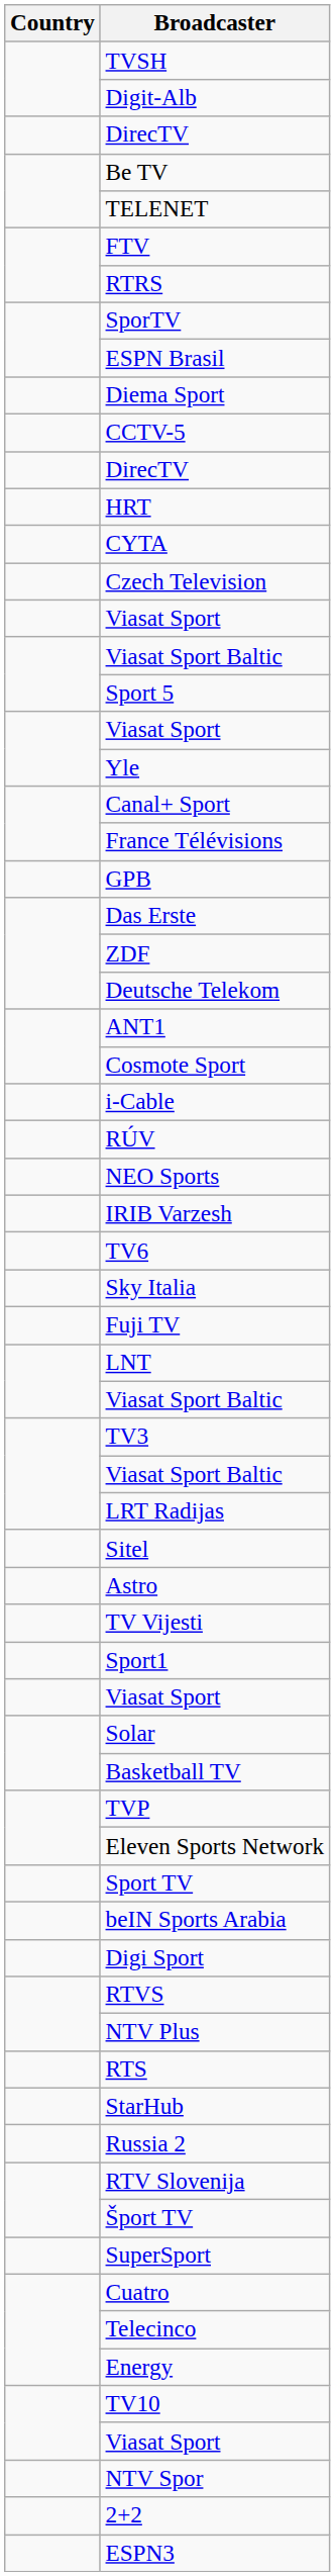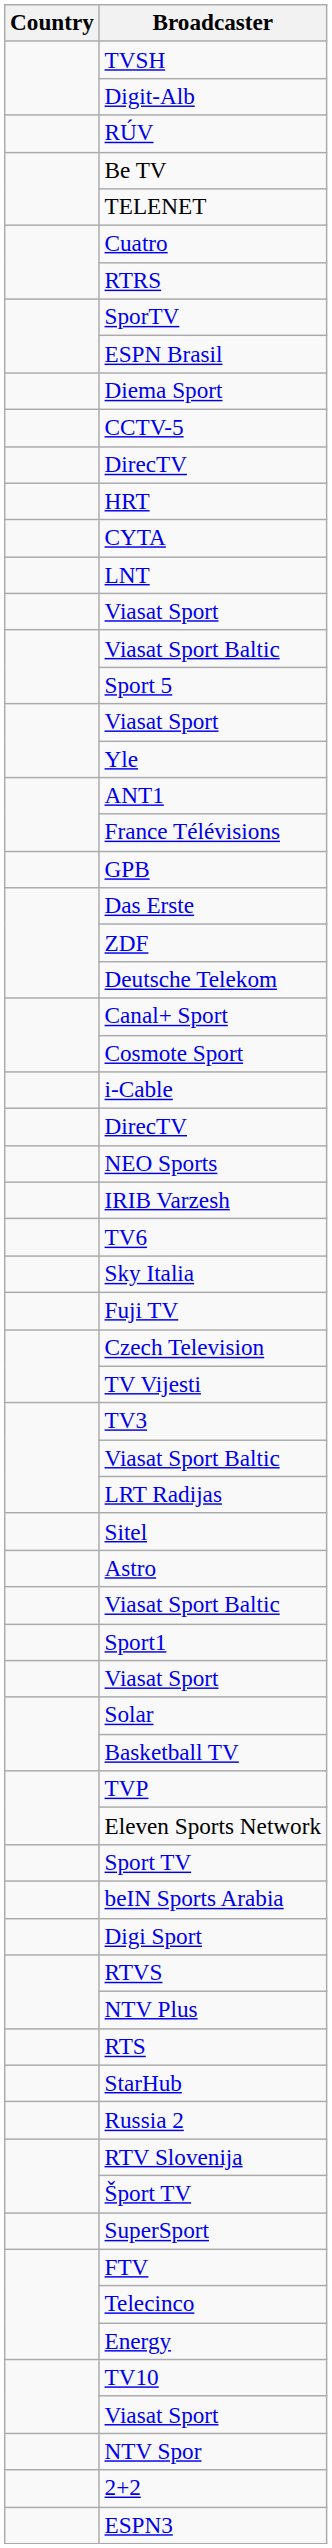 <table class="wikitable collapsible collapsed">
 <tr>
 <th align=center>Country</th>
 <th align=center>Broadcaster</th>
 </tr>
 <tr>
 <td style="text-align:left;" rowspan="2"></td>
 <td><a href='#'>TVSH</a></td>
 </tr>
 <tr>
 <td><a href='#'>Digit-Alb</a></td>
 </tr>
 <tr>
 <td align=left></td>
-<td><a href='#'>DirecTV</a></td>
+<td><a href='#'>RÚV</a></td>
 </tr>
 <tr>
 <td style="text-align:left;" rowspan="2"></td>
 <td>Be TV</td>
 </tr>
 <tr>
 <td>TELENET</td>
 </tr>
 <tr>
 <td style="text-align:left;" rowspan="2"></td>
-<td><a href='#'>FTV</a></td>
+<td><a href='#'>Cuatro</a></td>
 </tr>
 <tr>
 <td><a href='#'>RTRS</a></td>
 </tr>
 <tr>
 <td style="text-align:left;" rowspan="2"></td>
 <td><a href='#'>SporTV</a></td>
 </tr>
 <tr>
 <td><a href='#'>ESPN Brasil</a></td>
 </tr>
 <tr>
 <td align:left></td>
 <td><a href='#'>Diema Sport</a></td>
 </tr>
 <tr>
 <td align=left></td>
 <td><a href='#'>CCTV-5</a></td>
 </tr>
 <tr>
 <td align=left></td>
 <td><a href='#'>DirecTV</a></td>
 </tr>
 <tr>
 <td align=left></td>
 <td><a href='#'>HRT</a></td>
 </tr>
 <tr>
 <td align=left></td>
 <td><a href='#'>CYTA</a></td>
 </tr>
 <tr>
 <td align=left></td>
-<td><a href='#'>Czech Television</a></td>
+<td><a href='#'>LNT</a></td>
 </tr>
 <tr>
 <td align=left></td>
 <td><a href='#'>Viasat Sport</a></td>
 </tr>
 <tr>
 <td style="text-align:left;" rowspan="2"></td>
 <td><a href='#'>Viasat Sport Baltic</a></td>
 </tr>
 <tr>
 <td><a href='#'>Sport 5</a></td>
 </tr>
 <tr>
 <td style="text-align:left;" rowspan="2"></td>
 <td><a href='#'>Viasat Sport</a></td>
 </tr>
 <tr>
 <td><a href='#'>Yle</a></td>
 </tr>
 <tr>
 <td style="text-align:left;" rowspan="2"></td>
-<td><a href='#'>Canal+ Sport</a></td>
+<td><a href='#'>ANT1</a></td>
 </tr>
 <tr>
 <td><a href='#'>France Télévisions</a></td>
 </tr>
 <tr>
 <td align=left></td>
 <td><a href='#'>GPB</a></td>
 </tr>
 <tr>
 <td style="text-align:left;" rowspan="3"></td>
 <td><a href='#'>Das Erste</a></td>
 </tr>
 <tr>
 <td><a href='#'>ZDF</a></td>
 </tr>
 <tr>
 <td><a href='#'>Deutsche Telekom</a></td>
 </tr>
 <tr>
 <td style="text-align:left;" rowspan="2"></td>
-<td><a href='#'>ANT1</a></td>
+<td><a href='#'>Canal+ Sport</a></td>
 </tr>
 <tr>
 <td><a href='#'>Cosmote Sport</a></td>
 </tr>
 <tr>
 <td align=left></td>
 <td><a href='#'>i-Cable</a></td>
 </tr>
 <tr>
 <td align=left></td>
-<td><a href='#'>RÚV</a></td>
+<td><a href='#'>DirecTV</a></td>
 </tr>
 <tr>
 <td align=left></td>
 <td><a href='#'>NEO Sports</a></td>
 </tr>
 <tr>
 <td align=left></td>
 <td><a href='#'>IRIB Varzesh</a></td>
 </tr>
 <tr>
 <td align=left></td>
 <td><a href='#'>TV6</a></td>
 </tr>
 <tr>
 <td align=left></td>
 <td><a href='#'>Sky Italia</a></td>
 </tr>
 <tr>
 <td align=left></td>
 <td><a href='#'>Fuji TV</a></td>
 </tr>
 <tr>
 <td style="text-align:left;" rowspan="2"></td>
-<td><a href='#'>LNT</a></td>
+<td><a href='#'>Czech Television</a></td>
 </tr>
 <tr>
-<td><a href='#'>Viasat Sport Baltic</a></td>
+<td><a href='#'>TV Vijesti</a></td>
 </tr>
 <tr>
 <td style="text-align:left;" rowspan="3"></td>
 <td><a href='#'>TV3</a></td>
 </tr>
 <tr>
 <td><a href='#'>Viasat Sport Baltic</a></td>
 </tr>
 <tr>
 <td><a href='#'>LRT Radijas</a></td>
 </tr>
 <tr>
 <td align=left></td>
 <td><a href='#'>Sitel</a></td>
 </tr>
 <tr>
 <td align=left></td>
 <td><a href='#'>Astro</a></td>
 </tr>
 <tr>
 <td align=left></td>
-<td><a href='#'>TV Vijesti</a></td>
+<td><a href='#'>Viasat Sport Baltic</a></td>
 </tr>
 <tr>
 <td align=left></td>
 <td><a href='#'>Sport1</a></td>
 </tr>
 <tr>
 <td align=left></td>
 <td><a href='#'>Viasat Sport</a></td>
 </tr>
 <tr>
 <td style="text-align:left;" rowspan="2"></td>
 <td><a href='#'>Solar</a></td>
 </tr>
 <tr>
 <td><a href='#'>Basketball TV</a></td>
 </tr>
 <tr>
 <td style="text-align:left;" rowspan="2"></td>
 <td><a href='#'>TVP</a></td>
 </tr>
 <tr>
 <td>Eleven Sports Network</td>
 </tr>
 <tr>
 <td align=left></td>
 <td><a href='#'>Sport TV</a></td>
 </tr>
 <tr>
 <td align=left></td>
 <td><a href='#'>beIN Sports Arabia</a></td>
 </tr>
 <tr>
 <td align=left></td>
 <td><a href='#'>Digi Sport</a></td>
 </tr>
 <tr>
 <td style="text-align:left;" rowspan="2"></td>
 <td><a href='#'>RTVS</a></td>
 </tr>
 <tr>
 <td><a href='#'>NTV Plus</a></td>
 </tr>
 <tr>
 <td align=left></td>
 <td><a href='#'>RTS</a></td>
 </tr>
 <tr>
 <td align=left></td>
 <td><a href='#'>StarHub</a></td>
 </tr>
 <tr>
 <td align=left></td>
 <td><a href='#'>Russia 2</a></td>
 </tr>
 <tr>
 <td style="text-align:left;" rowspan="2"></td>
 <td><a href='#'>RTV Slovenija</a></td>
 </tr>
 <tr>
 <td><a href='#'>Šport TV</a></td>
 </tr>
 <tr>
 <td align=left></td>
 <td><a href='#'>SuperSport</a></td>
 </tr>
 <tr>
 <td style="text-align:left;" rowspan="3"></td>
-<td><a href='#'>Cuatro</a></td>
+<td><a href='#'>FTV</a></td>
 </tr>
 <tr>
 <td><a href='#'>Telecinco</a></td>
 </tr>
 <tr>
 <td><a href='#'>Energy</a></td>
 </tr>
 <tr>
 <td style="text-align:left;" rowspan="2"></td>
 <td><a href='#'>TV10</a></td>
 </tr>
 <tr>
 <td><a href='#'>Viasat Sport</a></td>
 </tr>
 <tr>
 <td align=left></td>
 <td><a href='#'>NTV Spor</a></td>
 </tr>
 <tr>
 <td align=left></td>
 <td><a href='#'>2+2</a></td>
 </tr>
 <tr>
 <td align=left></td>
 <td><a href='#'>ESPN3</a></td>
 </tr>
 </table>
